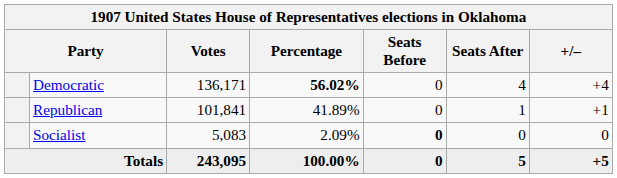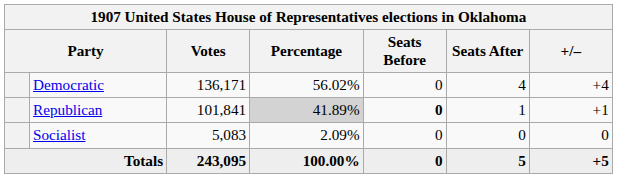 <table class="wikitable" style="font-size: 95%;">
 <tr>
 <th colspan="7">1907 United States House of Representatives elections in Oklahoma</th>
 </tr>
 <tr>
 <th colspan=2 style="width: 15em">Party</th>
 <th style="width: 5em">Votes</th>
 <th style="width: 7em">Percentage</th>
 <th style="width: 5em">Seats Before</th>
 <th style="width: 5em">Seats After</th>
 <th style="width: 5em">+/–</th>
 </tr>
 <tr>
 <th style="background-color:"></th>
 <td style="width: 130px"><a href='#'>Democratic</a></td>
 <td align="right">136,171</td>
-<td align="right"><strong>56.02%</strong></td>
+<td align="right">56.02%</td>
 <td align="right">0</td>
 <td align="right">4</td>
 <td align="right">+4</td>
 </tr>
 <tr>
 <th style="background-color:"></th>
 <td style="width: 130px"><a href='#'>Republican</a></td>
 <td align="right">101,841</td>
-<td align="right">41.89%</td>
-<td align="right">0</td>
+<td align="right" style="background: lightgrey;">41.89%</td>
+<td align="right"><strong>0</strong></td>
 <td align="right">1</td>
 <td align="right">+1</td>
 </tr>
 <tr>
 <th style="background-color:"></th>
 <td style="width: 130px"><a href='#'>Socialist</a></td>
 <td align="right">5,083</td>
 <td align="right">2.09%</td>
-<td align="right"><strong>0</strong></td>
+<td align="right">0</td>
 <td align="right">0</td>
 <td align="right">0</td>
 </tr>
 <tr>
 </tr>
 <tr bgcolor="#EEEEEE">
 <td colspan="2" align="right"><strong>Totals</strong></td>
 <td align="right"><strong>243,095</strong></td>
 <td align="right"><strong>100.00%</strong></td>
 <td align="right"><strong>0</strong></td>
 <td align="right"><strong>5</strong></td>
 <td align="right"><strong>+5</strong></td>
 </tr>
 </table>
